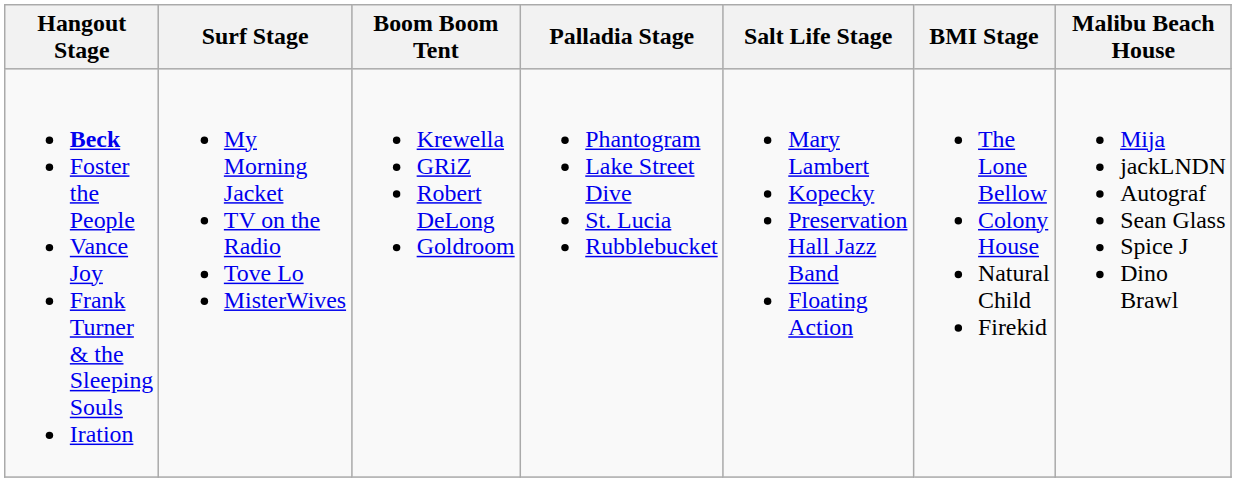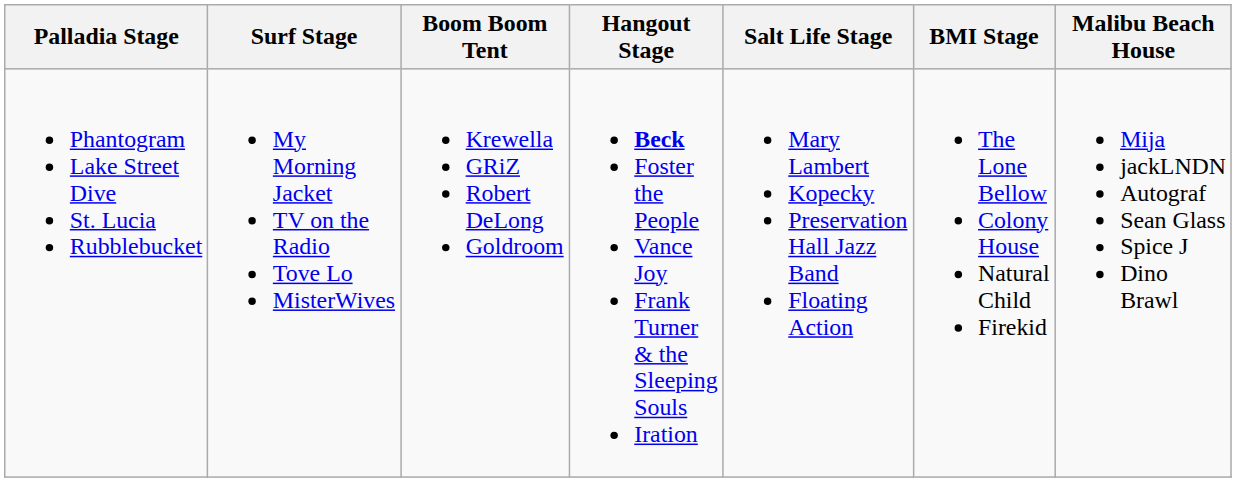 <table class="wikitable">
 <tr>
-<th>Hangout Stage</th>
+<th>Palladia Stage</th>
 <th>Surf Stage</th>
 <th>Boom Boom Tent</th>
-<th>Palladia Stage</th>
+<th>Hangout Stage</th>
 <th>Salt Life Stage</th>
 <th>BMI Stage</th>
 <th>Malibu Beach House</th>
 </tr>
 <tr valign="top">
-<td><br><ul><li><strong><a href='#'>Beck</a></strong></li><li><a href='#'>Foster the People</a></li><li><a href='#'>Vance Joy</a></li><li><a href='#'>Frank Turner & the Sleeping Souls</a></li><li><a href='#'>Iration</a></li></ul></td>
+<td><br><ul><li><a href='#'>Phantogram</a></li><li><a href='#'>Lake Street Dive</a></li><li><a href='#'>St. Lucia</a></li><li><a href='#'>Rubblebucket</a></li></ul></td>
 <td><br><ul><li><a href='#'>My Morning Jacket</a></li><li><a href='#'>TV on the Radio</a></li><li><a href='#'>Tove Lo</a></li><li><a href='#'>MisterWives</a></li></ul></td>
 <td><br><ul><li><a href='#'>Krewella</a></li><li><a href='#'>GRiZ</a></li><li><a href='#'>Robert DeLong</a></li><li><a href='#'>Goldroom</a></li></ul></td>
-<td><br><ul><li><a href='#'>Phantogram</a></li><li><a href='#'>Lake Street Dive</a></li><li><a href='#'>St. Lucia</a></li><li><a href='#'>Rubblebucket</a></li></ul></td>
+<td><br><ul><li><strong><a href='#'>Beck</a></strong></li><li><a href='#'>Foster the People</a></li><li><a href='#'>Vance Joy</a></li><li><a href='#'>Frank Turner & the Sleeping Souls</a></li><li><a href='#'>Iration</a></li></ul></td>
 <td><br><ul><li><a href='#'>Mary Lambert</a></li><li><a href='#'>Kopecky</a></li><li><a href='#'>Preservation Hall Jazz Band</a></li><li><a href='#'>Floating Action</a></li></ul></td>
 <td><br><ul><li><a href='#'>The Lone Bellow</a></li><li><a href='#'>Colony House</a></li><li>Natural Child</li><li>Firekid</li></ul></td>
 <td><br><ul><li><a href='#'>Mija</a></li><li>jackLNDN</li><li>Autograf</li><li>Sean Glass</li><li>Spice J</li><li>Dino Brawl</li></ul></td>
 </tr>
 </table>
